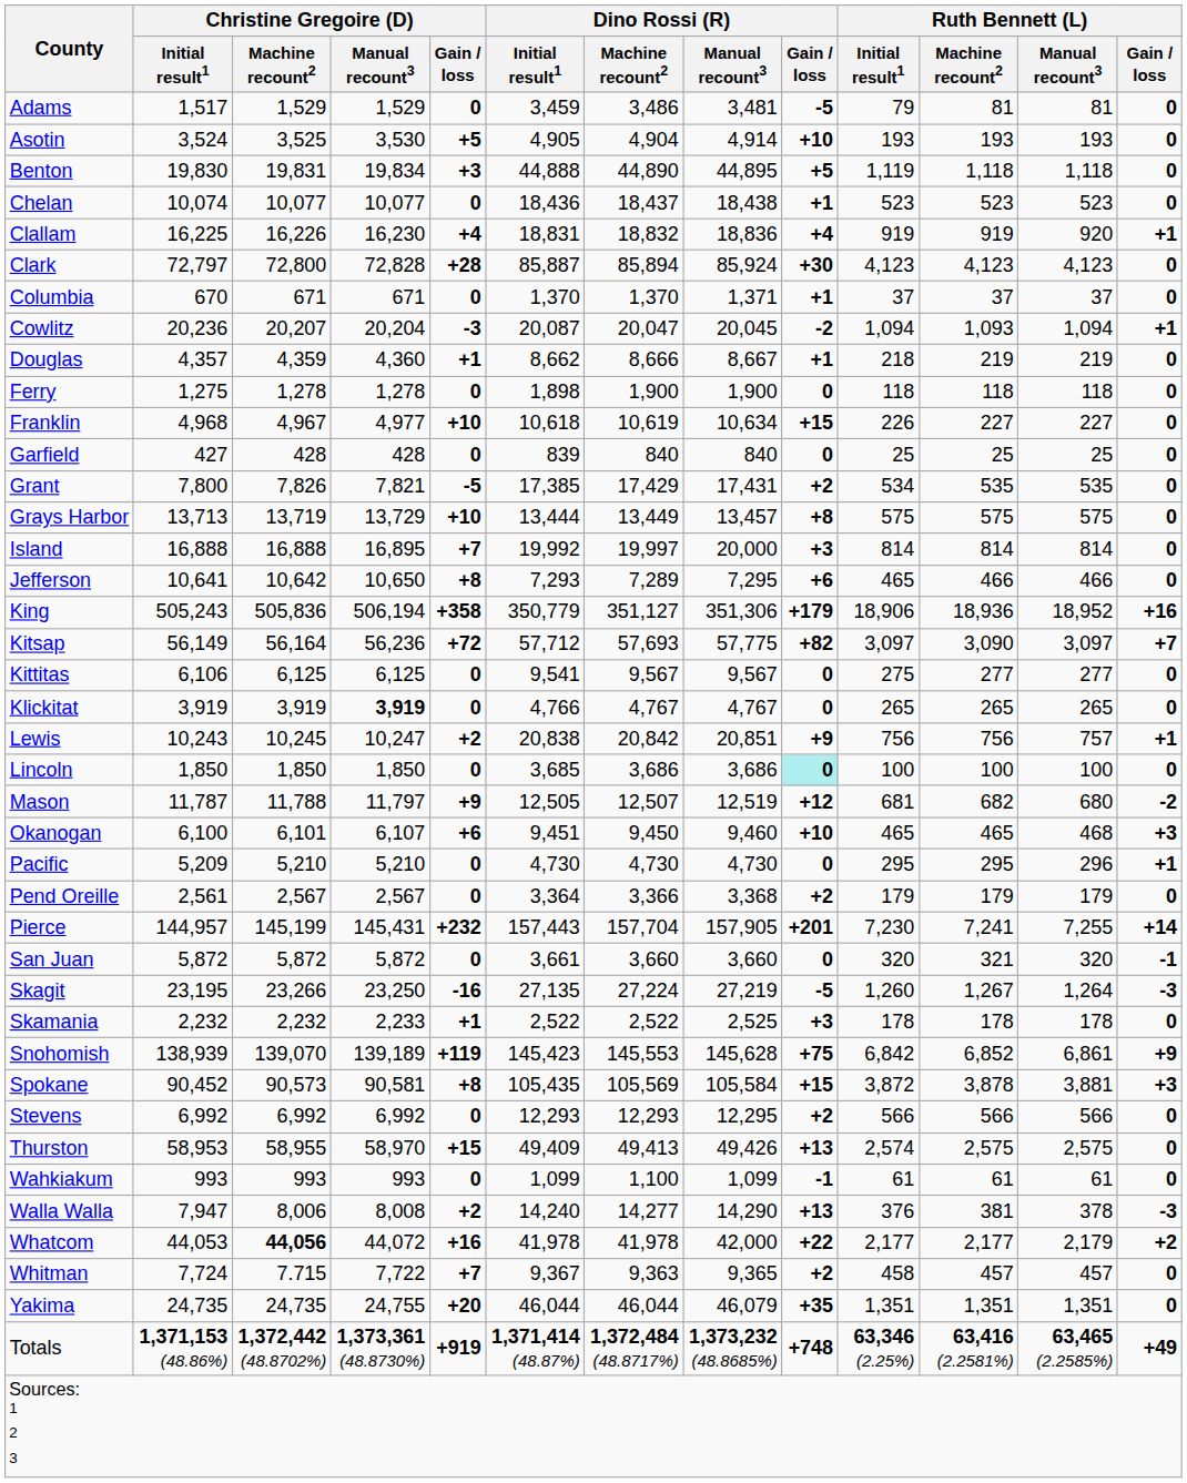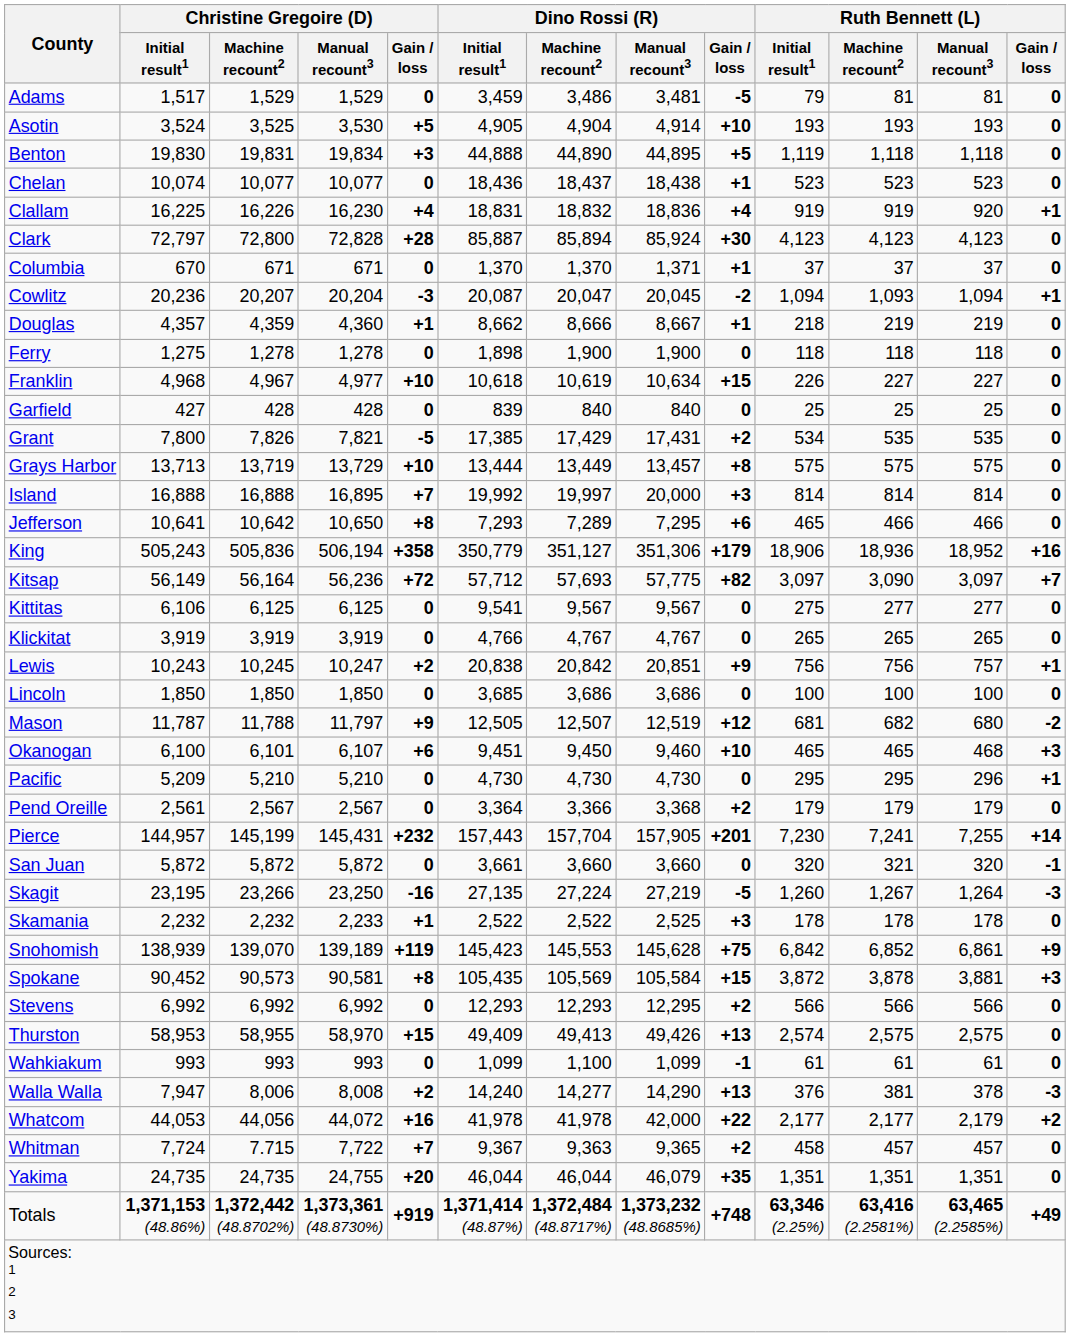 <table class="wikitable" style="white-space: nowrap; text-align: right; width:75%">
 <tr>
 <th rowspan="2" width="10%">County</th>
 <th colspan="4" width="30%">Christine Gregoire (D)</th>
 <th colspan="4" width="30%">Dino Rossi (R)</th>
 <th colspan="4" width="30%">Ruth Bennett (L)</th>
 </tr>
 <tr>
 <th><small>Initial<br>result<sup>1</sup></small></th>
 <th><small>Machine<br>recount<sup>2</sup></small></th>
 <th><small>Manual<br>recount<sup>3</sup></small></th>
 <th><small>Gain /<br>loss</small></th>
 <th><small>Initial<br>result<sup>1</sup></small></th>
 <th><small>Machine<br>recount<sup>2</sup></small></th>
 <th><small>Manual<br>recount<sup>3</sup></small></th>
 <th><small>Gain /<br>loss</small></th>
 <th><small>Initial<br>result<sup>1</sup></small></th>
 <th><small>Machine<br>recount<sup>2</sup></small></th>
 <th><small>Manual<br>recount<sup>3</sup></small></th>
 <th><small>Gain /<br>loss</small></th>
 </tr>
 <tr>
 <td style="text-align:left;"><a href='#'>Adams</a></td>
 <td>1,517</td>
 <td>1,529</td>
 <td>1,529</td>
 <td><strong>0</strong></td>
 <td>3,459</td>
 <td>3,486</td>
 <td>3,481</td>
 <td><span><strong>-5</strong></span></td>
 <td>79</td>
 <td>81</td>
 <td>81</td>
 <td><strong>0</strong></td>
 </tr>
 <tr>
 <td style="text-align:left;"><a href='#'>Asotin</a></td>
 <td>3,524</td>
 <td>3,525</td>
 <td>3,530</td>
 <td><span><strong>+5</strong></span></td>
 <td>4,905</td>
 <td>4,904</td>
 <td>4,914</td>
 <td><span><strong>+10</strong></span></td>
 <td>193</td>
 <td>193</td>
 <td>193</td>
 <td><strong>0</strong></td>
 </tr>
 <tr>
 <td style="text-align:left;"><a href='#'>Benton</a></td>
 <td>19,830</td>
 <td>19,831</td>
 <td>19,834</td>
 <td><span><strong>+3</strong></span></td>
 <td>44,888</td>
 <td>44,890</td>
 <td>44,895</td>
 <td><span><strong>+5</strong></span></td>
 <td>1,119</td>
 <td>1,118</td>
 <td>1,118</td>
 <td><strong>0</strong></td>
 </tr>
 <tr>
 <td style="text-align:left;"><a href='#'>Chelan</a></td>
 <td>10,074</td>
 <td>10,077</td>
 <td>10,077</td>
 <td><strong>0</strong></td>
 <td>18,436</td>
 <td>18,437</td>
 <td>18,438</td>
 <td><span><strong>+1</strong></span></td>
 <td>523</td>
 <td>523</td>
 <td>523</td>
 <td><strong>0</strong></td>
 </tr>
 <tr>
 <td style="text-align:left;"><a href='#'>Clallam</a></td>
 <td>16,225</td>
 <td>16,226</td>
 <td>16,230</td>
 <td><span><strong>+4</strong></span></td>
 <td>18,831</td>
 <td>18,832</td>
 <td>18,836</td>
 <td><span><strong>+4</strong></span></td>
 <td>919</td>
 <td>919</td>
 <td>920</td>
 <td><span><strong>+1</strong></span></td>
 </tr>
 <tr>
 <td style="text-align:left;"><a href='#'>Clark</a></td>
 <td>72,797</td>
 <td>72,800</td>
 <td>72,828</td>
 <td><span><strong>+28</strong></span></td>
 <td>85,887</td>
 <td>85,894</td>
 <td>85,924</td>
 <td><span><strong>+30</strong></span></td>
 <td>4,123</td>
 <td>4,123</td>
 <td>4,123</td>
 <td><strong>0</strong></td>
 </tr>
 <tr>
 <td style="text-align:left;"><a href='#'>Columbia</a></td>
 <td>670</td>
 <td>671</td>
 <td>671</td>
 <td><strong>0</strong></td>
 <td>1,370</td>
 <td>1,370</td>
 <td>1,371</td>
 <td><span><strong>+1</strong></span></td>
 <td>37</td>
 <td>37</td>
 <td>37</td>
 <td><strong>0</strong></td>
 </tr>
 <tr>
 <td style="text-align:left;"><a href='#'>Cowlitz</a></td>
 <td>20,236</td>
 <td>20,207</td>
 <td>20,204</td>
 <td><span><strong>-3</strong></span></td>
 <td>20,087</td>
 <td>20,047</td>
 <td>20,045</td>
 <td><span><strong>-2</strong></span></td>
 <td>1,094</td>
 <td>1,093</td>
 <td>1,094</td>
 <td><span><strong>+1</strong></span></td>
 </tr>
 <tr>
 <td style="text-align:left;"><a href='#'>Douglas</a></td>
 <td>4,357</td>
 <td>4,359</td>
 <td>4,360</td>
 <td><span><strong>+1</strong></span></td>
 <td>8,662</td>
 <td>8,666</td>
 <td>8,667</td>
 <td><span><strong>+1</strong></span></td>
 <td>218</td>
 <td>219</td>
 <td>219</td>
 <td><strong>0</strong></td>
 </tr>
 <tr>
 <td style="text-align:left;"><a href='#'>Ferry</a></td>
 <td>1,275</td>
 <td>1,278</td>
 <td>1,278</td>
 <td><strong>0</strong></td>
 <td>1,898</td>
 <td>1,900</td>
 <td>1,900</td>
 <td><strong>0</strong></td>
 <td>118</td>
 <td>118</td>
 <td>118</td>
 <td><strong>0</strong></td>
 </tr>
 <tr>
 <td style="text-align:left;"><a href='#'>Franklin</a></td>
 <td>4,968</td>
 <td>4,967</td>
 <td>4,977</td>
 <td><span><strong>+10</strong></span></td>
 <td>10,618</td>
 <td>10,619</td>
 <td>10,634</td>
 <td><span><strong>+15</strong></span></td>
 <td>226</td>
 <td>227</td>
 <td>227</td>
 <td><strong>0</strong></td>
 </tr>
 <tr>
 <td style="text-align:left;"><a href='#'>Garfield</a></td>
 <td>427</td>
 <td>428</td>
 <td>428</td>
 <td><strong>0</strong></td>
 <td>839</td>
 <td>840</td>
 <td>840</td>
 <td><strong>0</strong></td>
 <td>25</td>
 <td>25</td>
 <td>25</td>
 <td><strong>0</strong></td>
 </tr>
 <tr>
 <td style="text-align:left;"><a href='#'>Grant</a></td>
 <td>7,800</td>
 <td>7,826</td>
 <td>7,821</td>
 <td><span><strong>-5</strong></span></td>
 <td>17,385</td>
 <td>17,429</td>
 <td>17,431</td>
 <td><span><strong>+2</strong></span></td>
 <td>534</td>
 <td>535</td>
 <td>535</td>
 <td><strong>0</strong></td>
 </tr>
 <tr>
 <td style="text-align:left;"><a href='#'>Grays Harbor</a></td>
 <td>13,713</td>
 <td>13,719</td>
 <td>13,729</td>
 <td><span><strong>+10</strong></span></td>
 <td>13,444</td>
 <td>13,449</td>
 <td>13,457</td>
 <td><span><strong>+8</strong></span></td>
 <td>575</td>
 <td>575</td>
 <td>575</td>
 <td><strong>0</strong></td>
 </tr>
 <tr>
 <td style="text-align:left;"><a href='#'>Island</a></td>
 <td>16,888</td>
 <td>16,888</td>
 <td>16,895</td>
 <td><span><strong>+7</strong></span></td>
 <td>19,992</td>
 <td>19,997</td>
 <td>20,000</td>
 <td><span><strong>+3</strong></span></td>
 <td>814</td>
 <td>814</td>
 <td>814</td>
 <td><strong>0</strong></td>
 </tr>
 <tr>
 <td style="text-align:left;"><a href='#'>Jefferson</a></td>
 <td>10,641</td>
 <td>10,642</td>
 <td>10,650</td>
 <td><span><strong>+8</strong></span></td>
 <td>7,293</td>
 <td>7,289</td>
 <td>7,295</td>
 <td><span><strong>+6</strong></span></td>
 <td>465</td>
 <td>466</td>
 <td>466</td>
 <td><strong>0</strong></td>
 </tr>
 <tr>
 <td style="text-align:left;"><a href='#'>King</a></td>
 <td>505,243</td>
 <td>505,836</td>
 <td>506,194</td>
 <td><span><strong>+358</strong></span></td>
 <td>350,779</td>
 <td>351,127</td>
 <td>351,306</td>
 <td><span><strong>+179</strong></span></td>
 <td>18,906</td>
 <td>18,936</td>
 <td>18,952</td>
 <td><span><strong>+16</strong></span></td>
 </tr>
 <tr>
 <td style="text-align:left;"><a href='#'>Kitsap</a></td>
 <td>56,149</td>
 <td>56,164</td>
 <td>56,236</td>
 <td><span><strong>+72</strong></span></td>
 <td>57,712</td>
 <td>57,693</td>
 <td>57,775</td>
 <td><span><strong>+82</strong></span></td>
 <td>3,097</td>
 <td>3,090</td>
 <td>3,097</td>
 <td><span><strong>+7</strong></span></td>
 </tr>
 <tr>
 <td style="text-align:left;"><a href='#'>Kittitas</a></td>
 <td>6,106</td>
 <td>6,125</td>
 <td>6,125</td>
 <td><strong>0</strong></td>
 <td>9,541</td>
 <td>9,567</td>
 <td>9,567</td>
 <td><strong>0</strong></td>
 <td>275</td>
 <td>277</td>
 <td>277</td>
 <td><strong>0</strong></td>
 </tr>
 <tr>
 <td style="text-align:left;"><a href='#'>Klickitat</a></td>
 <td>3,919</td>
 <td>3,919</td>
-<td><strong>3,919</strong></td>
+<td>3,919</td>
 <td><strong>0</strong></td>
 <td>4,766</td>
 <td>4,767</td>
 <td>4,767</td>
 <td><strong>0</strong></td>
 <td>265</td>
 <td>265</td>
 <td>265</td>
 <td><strong>0</strong></td>
 </tr>
 <tr>
 <td style="text-align:left;"><a href='#'>Lewis</a></td>
 <td>10,243</td>
 <td>10,245</td>
 <td>10,247</td>
 <td><span><strong>+2</strong></span></td>
 <td>20,838</td>
 <td>20,842</td>
 <td>20,851</td>
 <td><span><strong>+9</strong></span></td>
 <td>756</td>
 <td>756</td>
 <td>757</td>
 <td><span><strong>+1</strong></span></td>
 </tr>
 <tr>
 <td style="text-align:left;"><a href='#'>Lincoln</a></td>
 <td>1,850</td>
 <td>1,850</td>
 <td>1,850</td>
 <td><strong>0</strong></td>
 <td>3,685</td>
 <td>3,686</td>
 <td>3,686</td>
-<td style="background: paleturquoise;"><strong>0</strong></td>
+<td><strong>0</strong></td>
 <td>100</td>
 <td>100</td>
 <td>100</td>
 <td><strong>0</strong></td>
 </tr>
 <tr>
 <td style="text-align:left;"><a href='#'>Mason</a></td>
 <td>11,787</td>
 <td>11,788</td>
 <td>11,797</td>
 <td><span><strong>+9</strong></span></td>
 <td>12,505</td>
 <td>12,507</td>
 <td>12,519</td>
 <td><span><strong>+12</strong></span></td>
 <td>681</td>
 <td>682</td>
 <td>680</td>
 <td><span><strong>-2</strong></span></td>
 </tr>
 <tr>
 <td style="text-align:left;"><a href='#'>Okanogan</a></td>
 <td>6,100</td>
 <td>6,101</td>
 <td>6,107</td>
 <td><span><strong>+6</strong></span></td>
 <td>9,451</td>
 <td>9,450</td>
 <td>9,460</td>
 <td><span><strong>+10</strong></span></td>
 <td>465</td>
 <td>465</td>
 <td>468</td>
 <td><span><strong>+3</strong></span></td>
 </tr>
 <tr>
 <td style="text-align:left;"><a href='#'>Pacific</a></td>
 <td>5,209</td>
 <td>5,210</td>
 <td>5,210</td>
 <td><strong>0</strong></td>
 <td>4,730</td>
 <td>4,730</td>
 <td>4,730</td>
 <td><strong>0</strong></td>
 <td>295</td>
 <td>295</td>
 <td>296</td>
 <td><span><strong>+1</strong></span></td>
 </tr>
 <tr>
 <td style="text-align:left;"><a href='#'>Pend Oreille</a></td>
 <td>2,561</td>
 <td>2,567</td>
 <td>2,567</td>
 <td><strong>0</strong></td>
 <td>3,364</td>
 <td>3,366</td>
 <td>3,368</td>
 <td><span><strong>+2</strong></span></td>
 <td>179</td>
 <td>179</td>
 <td>179</td>
 <td><strong>0</strong></td>
 </tr>
 <tr>
 <td style="text-align:left;"><a href='#'>Pierce</a></td>
 <td>144,957</td>
 <td>145,199</td>
 <td>145,431</td>
 <td><span><strong>+232</strong></span></td>
 <td>157,443</td>
 <td>157,704</td>
 <td>157,905</td>
 <td><span><strong>+201</strong></span></td>
 <td>7,230</td>
 <td>7,241</td>
 <td>7,255</td>
 <td><span><strong>+14</strong></span></td>
 </tr>
 <tr>
 <td style="text-align:left;"><a href='#'>San Juan</a></td>
 <td>5,872</td>
 <td>5,872</td>
 <td>5,872</td>
 <td><strong>0</strong></td>
 <td>3,661</td>
 <td>3,660</td>
 <td>3,660</td>
 <td><strong>0</strong></td>
 <td>320</td>
 <td>321</td>
 <td>320</td>
 <td><span><strong>-1</strong></span></td>
 </tr>
 <tr>
 <td style="text-align:left;"><a href='#'>Skagit</a></td>
 <td>23,195</td>
 <td>23,266</td>
 <td>23,250</td>
 <td><span><strong>-16</strong></span></td>
 <td>27,135</td>
 <td>27,224</td>
 <td>27,219</td>
 <td><span><strong>-5</strong></span></td>
 <td>1,260</td>
 <td>1,267</td>
 <td>1,264</td>
 <td><span><strong>-3</strong></span></td>
 </tr>
 <tr>
 <td style="text-align:left;"><a href='#'>Skamania</a></td>
 <td>2,232</td>
 <td>2,232</td>
 <td>2,233</td>
 <td><span><strong>+1</strong></span></td>
 <td>2,522</td>
 <td>2,522</td>
 <td>2,525</td>
 <td><span><strong>+3</strong></span></td>
 <td>178</td>
 <td>178</td>
 <td>178</td>
 <td><strong>0</strong></td>
 </tr>
 <tr>
 <td style="text-align:left;"><a href='#'>Snohomish</a></td>
 <td>138,939</td>
 <td>139,070</td>
 <td>139,189</td>
 <td><span><strong>+119</strong></span></td>
 <td>145,423</td>
 <td>145,553</td>
 <td>145,628</td>
 <td><span><strong>+75</strong></span></td>
 <td>6,842</td>
 <td>6,852</td>
 <td>6,861</td>
 <td><span><strong>+9</strong></span></td>
 </tr>
 <tr>
 <td style="text-align:left;"><a href='#'>Spokane</a></td>
 <td>90,452</td>
 <td>90,573</td>
 <td>90,581</td>
 <td><span><strong>+8</strong></span></td>
 <td>105,435</td>
 <td>105,569</td>
 <td>105,584</td>
 <td><span><strong>+15</strong></span></td>
 <td>3,872</td>
 <td>3,878</td>
 <td>3,881</td>
 <td><span><strong>+3</strong></span></td>
 </tr>
 <tr>
 <td style="text-align:left;"><a href='#'>Stevens</a></td>
 <td>6,992</td>
 <td>6,992</td>
 <td>6,992</td>
 <td><strong>0</strong></td>
 <td>12,293</td>
 <td>12,293</td>
 <td>12,295</td>
 <td><span><strong>+2</strong></span></td>
 <td>566</td>
 <td>566</td>
 <td>566</td>
 <td><strong>0</strong></td>
 </tr>
 <tr>
 <td style="text-align:left;"><a href='#'>Thurston</a></td>
 <td>58,953</td>
 <td>58,955</td>
 <td>58,970</td>
 <td><span><strong>+15</strong></span></td>
 <td>49,409</td>
 <td>49,413</td>
 <td>49,426</td>
 <td><span><strong>+13</strong></span></td>
 <td>2,574</td>
 <td>2,575</td>
 <td>2,575</td>
 <td><strong>0</strong></td>
 </tr>
 <tr>
 <td style="text-align:left;"><a href='#'>Wahkiakum</a></td>
 <td>993</td>
 <td>993</td>
 <td>993</td>
 <td><strong>0</strong></td>
 <td>1,099</td>
 <td>1,100</td>
 <td>1,099</td>
 <td><span><strong>-1</strong></span></td>
 <td>61</td>
 <td>61</td>
 <td>61</td>
 <td><strong>0</strong></td>
 </tr>
 <tr>
 <td style="text-align:left;"><a href='#'>Walla Walla</a></td>
 <td>7,947</td>
 <td>8,006</td>
 <td>8,008</td>
 <td><span><strong>+2</strong></span></td>
 <td>14,240</td>
 <td>14,277</td>
 <td>14,290</td>
 <td><span><strong>+13</strong></span></td>
 <td>376</td>
 <td>381</td>
 <td>378</td>
 <td><span><strong>-3</strong></span></td>
 </tr>
 <tr>
 <td style="text-align:left;"><a href='#'>Whatcom</a></td>
 <td>44,053</td>
-<td><strong>44,056</strong></td>
+<td>44,056</td>
 <td>44,072</td>
 <td><span><strong>+16</strong></span></td>
 <td>41,978</td>
 <td>41,978</td>
 <td>42,000</td>
 <td><span><strong>+22</strong></span></td>
 <td>2,177</td>
 <td>2,177</td>
 <td>2,179</td>
 <td><span><strong>+2</strong></span></td>
 </tr>
 <tr>
 <td style="text-align:left;"><a href='#'>Whitman</a></td>
 <td>7,724</td>
 <td>7.715</td>
 <td>7,722</td>
 <td><span><strong>+7</strong></span></td>
 <td>9,367</td>
 <td>9,363</td>
 <td>9,365</td>
 <td><span><strong>+2</strong></span></td>
 <td>458</td>
 <td>457</td>
 <td>457</td>
 <td><strong>0</strong></td>
 </tr>
 <tr>
 <td style="text-align:left;"><a href='#'>Yakima</a></td>
 <td>24,735</td>
 <td>24,735</td>
 <td>24,755</td>
 <td><span><strong>+20</strong></span></td>
 <td>46,044</td>
 <td>46,044</td>
 <td>46,079</td>
 <td><span><strong>+35</strong></span></td>
 <td>1,351</td>
 <td>1,351</td>
 <td>1,351</td>
 <td><strong>0</strong></td>
 </tr>
 <tr>
 <td style="text-align:left;">Totals</td>
 <td><strong>1,371,153</strong><br><small><em>(48.86%)</em></small></td>
 <td><strong>1,372,442</strong><br><small><em>(48.8702%)</em></small></td>
 <td><strong>1,373,361</strong><br><small><em>(48.8730%)</em></small></td>
 <td><span><strong>+919</strong></span></td>
 <td><strong>1,371,414</strong><br><small><em>(48.87%)</em></small></td>
 <td><strong>1,372,484</strong><br><small><em>(48.8717%)</em></small></td>
 <td><strong>1,373,232</strong><br><small><em>(48.8685%)</em></small></td>
 <td><span><strong>+748</strong></span></td>
 <td><strong>63,346</strong><br><small><em>(2.25%)</em></small></td>
 <td><strong>63,416</strong><br><small><em>(2.2581%)</em></small></td>
 <td><strong>63,465</strong><br><small><em>(2.2585%)</em></small></td>
 <td><span><strong>+49</strong></span></td>
 </tr>
 <tr>
 <td colspan="13" style="text-align:left;font-size:90%;">Sources:<br><sup>1</sup> <br><sup>2</sup> <br><sup>3</sup> </td>
 </tr>
 </table>
